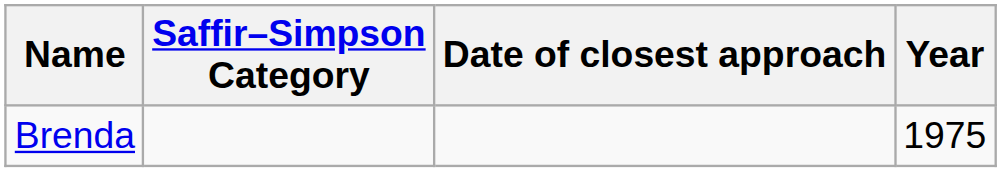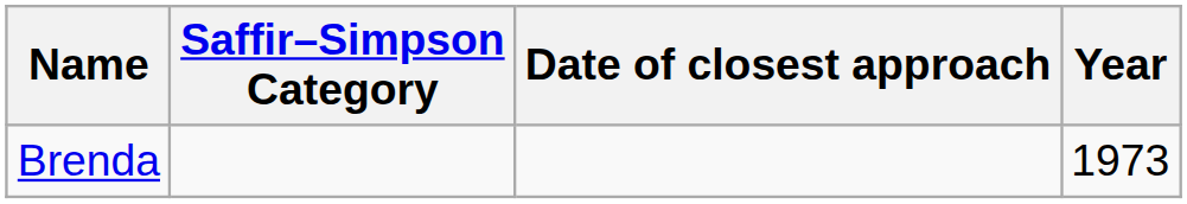 <table class = "wikitable" style="margin:1em auto;">
 <tr>
 <th>Name</th>
 <th><a href='#'>Saffir–Simpson</a><br>Category</th>
 <th>Date of closest approach</th>
 <th>Year</th>
 </tr>
 <tr>
 <td><a href='#'>Brenda</a></td>
 <td></td>
 <td></td>
-<td>1975</td>
+<td>1973</td>
 </tr>
 </table>
